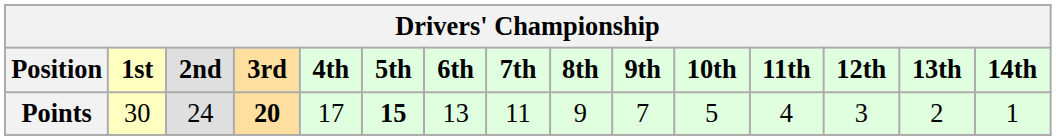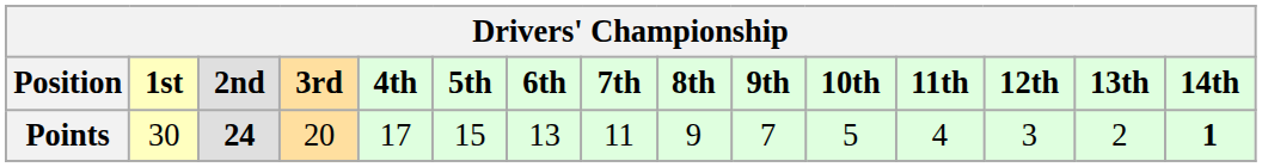 <table class="wikitable" style="font-size:85%; text-align:center">
 <tr>
 <th colspan=15>Drivers' Championship</th>
 </tr>
 <tr>
 <th>Position</th>
 <td style="background:#ffffbf;"> <strong>1st</strong> </td>
 <td style="background:#dfdfdf;"> <strong>2nd</strong> </td>
 <td style="background:#ffdf9f;"> <strong>3rd</strong> </td>
 <td style="background:#dfffdf;"> <strong>4th</strong> </td>
 <td style="background:#dfffdf;"> <strong>5th</strong> </td>
 <td style="background:#dfffdf;"> <strong>6th</strong> </td>
 <td style="background:#dfffdf;"> <strong>7th</strong> </td>
 <td style="background:#dfffdf;"> <strong>8th</strong> </td>
 <td style="background:#dfffdf;"> <strong>9th</strong> </td>
 <td style="background:#dfffdf;"> <strong>10th</strong> </td>
 <td style="background:#dfffdf;"> <strong>11th</strong> </td>
 <td style="background:#dfffdf;"> <strong>12th</strong> </td>
 <td style="background:#dfffdf;"> <strong>13th</strong> </td>
 <td style="background:#dfffdf;"> <strong>14th</strong> </td>
 </tr>
 <tr>
 <th>Points</th>
 <td style="background:#ffffbf;">30</td>
-<td style="background:#dfdfdf;">24</td>
-<td style="background:#ffdf9f;"><strong>20</strong></td>
+<td style="background:#dfdfdf;"><strong>24</strong></td>
+<td style="background:#ffdf9f;">20</td>
 <td style="background:#dfffdf;">17</td>
-<td style="background:#dfffdf;"><strong>15</strong></td>
+<td style="background:#dfffdf;">15</td>
 <td style="background:#dfffdf;">13</td>
 <td style="background:#dfffdf;">11</td>
 <td style="background:#dfffdf;">9</td>
 <td style="background:#dfffdf;">7</td>
 <td style="background:#dfffdf;">5</td>
 <td style="background:#dfffdf;">4</td>
 <td style="background:#dfffdf;">3</td>
 <td style="background:#dfffdf;">2</td>
-<td style="background:#dfffdf;">1</td>
+<td style="background:#dfffdf;"><strong>1</strong></td>
 </tr>
 </table>
